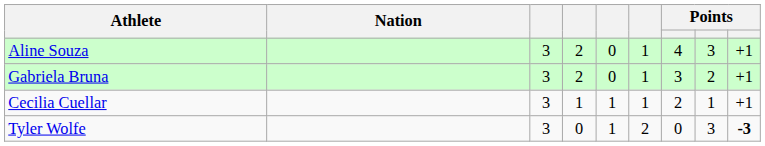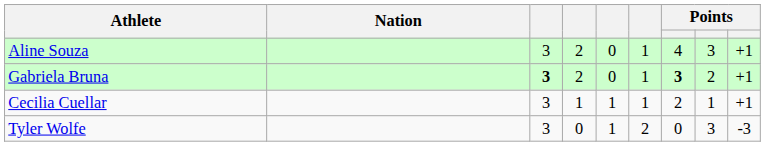 <table class="wikitable" style="text-align: center; font-size:100% ">
 <tr>
 <th rowspan=2 width=250>Athlete</th>
 <th rowspan=2 width=250>Nation</th>
 <th rowspan=2 width=25></th>
 <th rowspan=2 width=25></th>
 <th rowspan=2 width=25></th>
 <th rowspan=2 width=25></th>
 <th colspan=3>Points</th>
 </tr>
 <tr>
 <th width=25></th>
 <th width=25></th>
 <th width=25></th>
 </tr>
 <tr bgcolor="ccffcc">
 <td align=left><a href='#'>Aline Souza</a></td>
 <td align=left></td>
 <td>3</td>
 <td>2</td>
 <td>0</td>
 <td>1</td>
 <td>4</td>
 <td>3</td>
 <td>+1</td>
 </tr>
 <tr bgcolor="ccffcc">
 <td align=left><a href='#'>Gabriela Bruna</a></td>
 <td align=left></td>
-<td>3</td>
+<td><strong>3</strong></td>
 <td>2</td>
 <td>0</td>
 <td>1</td>
-<td>3</td>
+<td><strong>3</strong></td>
 <td>2</td>
 <td>+1</td>
 </tr>
 <tr>
 <td align=left><a href='#'>Cecilia Cuellar</a></td>
 <td align=left></td>
 <td>3</td>
 <td>1</td>
 <td>1</td>
 <td>1</td>
 <td>2</td>
 <td>1</td>
 <td>+1</td>
 </tr>
 <tr>
 <td align=left><a href='#'>Tyler Wolfe</a></td>
 <td align=left></td>
 <td>3</td>
 <td>0</td>
 <td>1</td>
 <td>2</td>
 <td>0</td>
 <td>3</td>
-<td><strong>-3</strong></td>
+<td>-3</td>
 </tr>
 </table>
